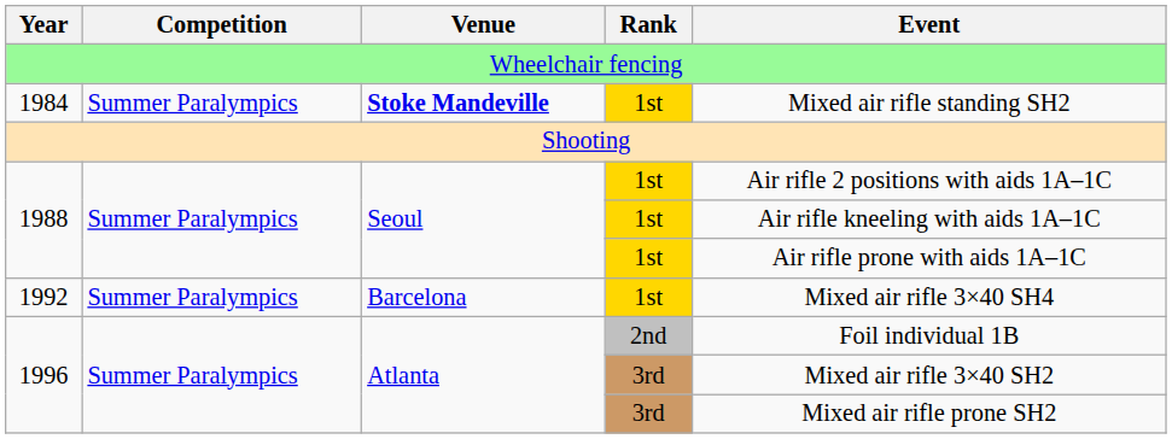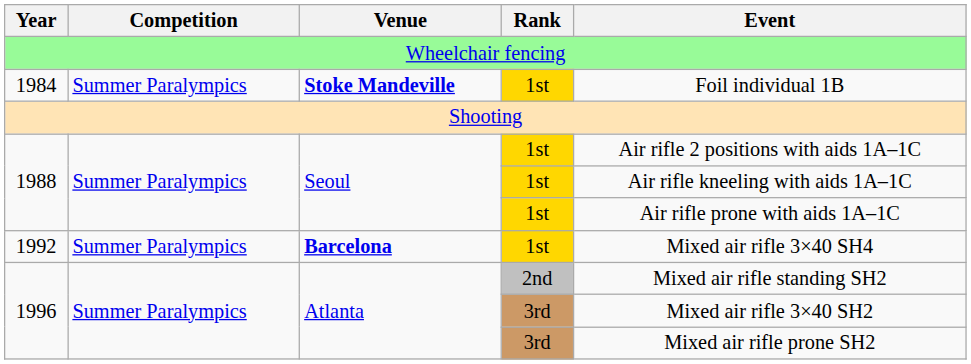 <table class="wikitable" width=60% style="font-size:100%; text-align:center;">
 <tr>
 <th>Year</th>
 <th>Competition</th>
 <th>Venue</th>
 <th>Rank</th>
 <th>Event</th>
 </tr>
 <tr>
 <td colspan=5 bgcolor=palegreen><a href='#'>Wheelchair fencing</a></td>
 </tr>
 <tr>
 <td rowspan=1>1984</td>
 <td rowspan=1 align=left><a href='#'>Summer Paralympics</a></td>
 <td rowspan=1 align=left><strong> <a href='#'>Stoke Mandeville</a></strong></td>
 <td bgcolor=gold>1st</td>
-<td>Mixed air rifle standing SH2</td>
+<td>Foil individual 1B</td>
 </tr>
 <tr>
 <td colspan=5 bgcolor=moccasin><a href='#'>Shooting</a></td>
 </tr>
 <tr>
 <td rowspan=3>1988</td>
 <td rowspan=3 align=left><a href='#'>Summer Paralympics</a></td>
 <td rowspan=3 align=left> <a href='#'>Seoul</a></td>
 <td bgcolor=gold>1st</td>
 <td>Air rifle 2 positions with aids 1A–1C</td>
 </tr>
 <tr>
 <td bgcolor=gold>1st</td>
 <td>Air rifle kneeling with aids 1A–1C</td>
 </tr>
 <tr>
 <td bgcolor=gold>1st</td>
 <td>Air rifle prone with aids 1A–1C</td>
 </tr>
 <tr>
 <td rowspan=1>1992</td>
 <td rowspan=1 align=left><a href='#'>Summer Paralympics</a></td>
-<td rowspan=1 align=left> <a href='#'>Barcelona</a></td>
+<td rowspan=1 align=left><strong> <a href='#'>Barcelona</a></strong></td>
 <td bgcolor=gold>1st</td>
 <td>Mixed air rifle 3×40 SH4</td>
 </tr>
 <tr>
 <td rowspan=3>1996</td>
 <td rowspan=3 align=left><a href='#'>Summer Paralympics</a></td>
 <td rowspan=3 align=left> <a href='#'>Atlanta</a></td>
 <td bgcolor=silver>2nd</td>
-<td>Foil individual 1B</td>
+<td>Mixed air rifle standing SH2</td>
 </tr>
 <tr>
 <td bgcolor=cc9966>3rd</td>
 <td>Mixed air rifle 3×40 SH2</td>
 </tr>
 <tr>
 <td bgcolor=cc9966>3rd</td>
 <td>Mixed air rifle prone SH2</td>
 </tr>
 </table>
